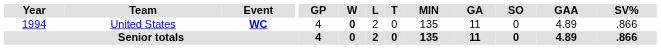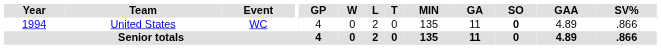 <table border="0" cellpadding="1" cellspacing="0" ID="Table3" style="text-align:center; width:60em">
 <tr ALIGN="center" bgcolor="#e0e0e0">
 <th>Year</th>
 <th>Team</th>
 <th>Event</th>
 <th rowspan="99" bgcolor="#ffffff"></th>
 <th>GP</th>
 <th>W</th>
 <th>L</th>
 <th>T</th>
 <th>MIN</th>
 <th>GA</th>
 <th>SO</th>
 <th>GAA</th>
 <th>SV%</th>
 </tr>
 <tr>
 <td><a href='#'>1994</a></td>
 <td><a href='#'>United States</a></td>
-<td><strong><a href='#'>WC</a></strong></td>
+<td><a href='#'>WC</a></td>
 <td>4</td>
-<td><strong>0</strong></td>
+<td>0</td>
 <td>2</td>
 <td>0</td>
 <td>135</td>
 <td>11</td>
-<td>0</td>
+<td><strong>0</strong></td>
 <td>4.89</td>
 <td>.866</td>
 </tr>
 <tr bgcolor="#e0e0e0">
 <th colspan=4>Senior totals</th>
 <th>4</th>
 <th>0</th>
 <th>2</th>
 <th>0</th>
 <th>135</th>
 <th>11</th>
 <th>0</th>
 <th>4.89</th>
 <th>.866</th>
 </tr>
 </table>
